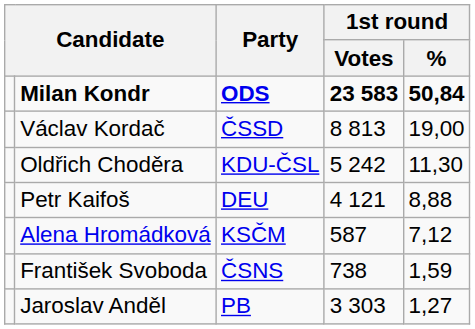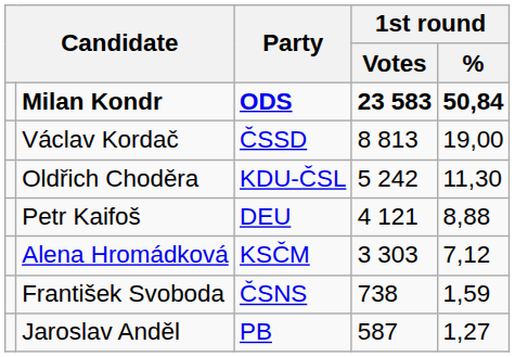 <table class="wikitable sortable">
 <tr>
 <th colspan="2" rowspan="2">Candidate</th>
 <th rowspan="2">Party</th>
 <th colspan="2">1st round</th>
 </tr>
 <tr>
 <th>Votes</th>
 <th>%</th>
 </tr>
 <tr>
 <td style="background-color:"></td>
 <td><strong>Milan Kondr</strong></td>
 <td><a href='#'><strong>ODS</strong></a></td>
 <td><strong>23 583</strong></td>
 <td><strong>50,84</strong></td>
 </tr>
 <tr>
 <td style="background-color:"></td>
 <td>Václav Kordač</td>
 <td><a href='#'>ČSSD</a></td>
 <td>8 813</td>
 <td>19,00</td>
 </tr>
 <tr>
 <td style="background-color:"></td>
 <td>Oldřich Choděra</td>
 <td><a href='#'>KDU-ČSL</a></td>
 <td>5 242</td>
 <td>11,30</td>
 </tr>
 <tr>
 <td style="background-color:"></td>
 <td>Petr Kaifoš</td>
 <td><a href='#'>DEU</a></td>
 <td>4 121</td>
 <td>8,88</td>
 </tr>
 <tr>
 <td style="background-color:"></td>
 <td><a href='#'>Alena Hromádková</a></td>
 <td><a href='#'>KSČM</a></td>
-<td>587</td>
+<td>3 303</td>
 <td>7,12</td>
 </tr>
 <tr>
 <td style="background-color:"></td>
 <td>František Svoboda</td>
 <td><a href='#'>ČSNS</a></td>
 <td>738</td>
 <td>1,59</td>
 </tr>
 <tr>
 <td style="background-color:"></td>
 <td>Jaroslav Anděl</td>
 <td><a href='#'>PB</a></td>
-<td>3 303</td>
+<td>587</td>
 <td>1,27</td>
 </tr>
 </table>
